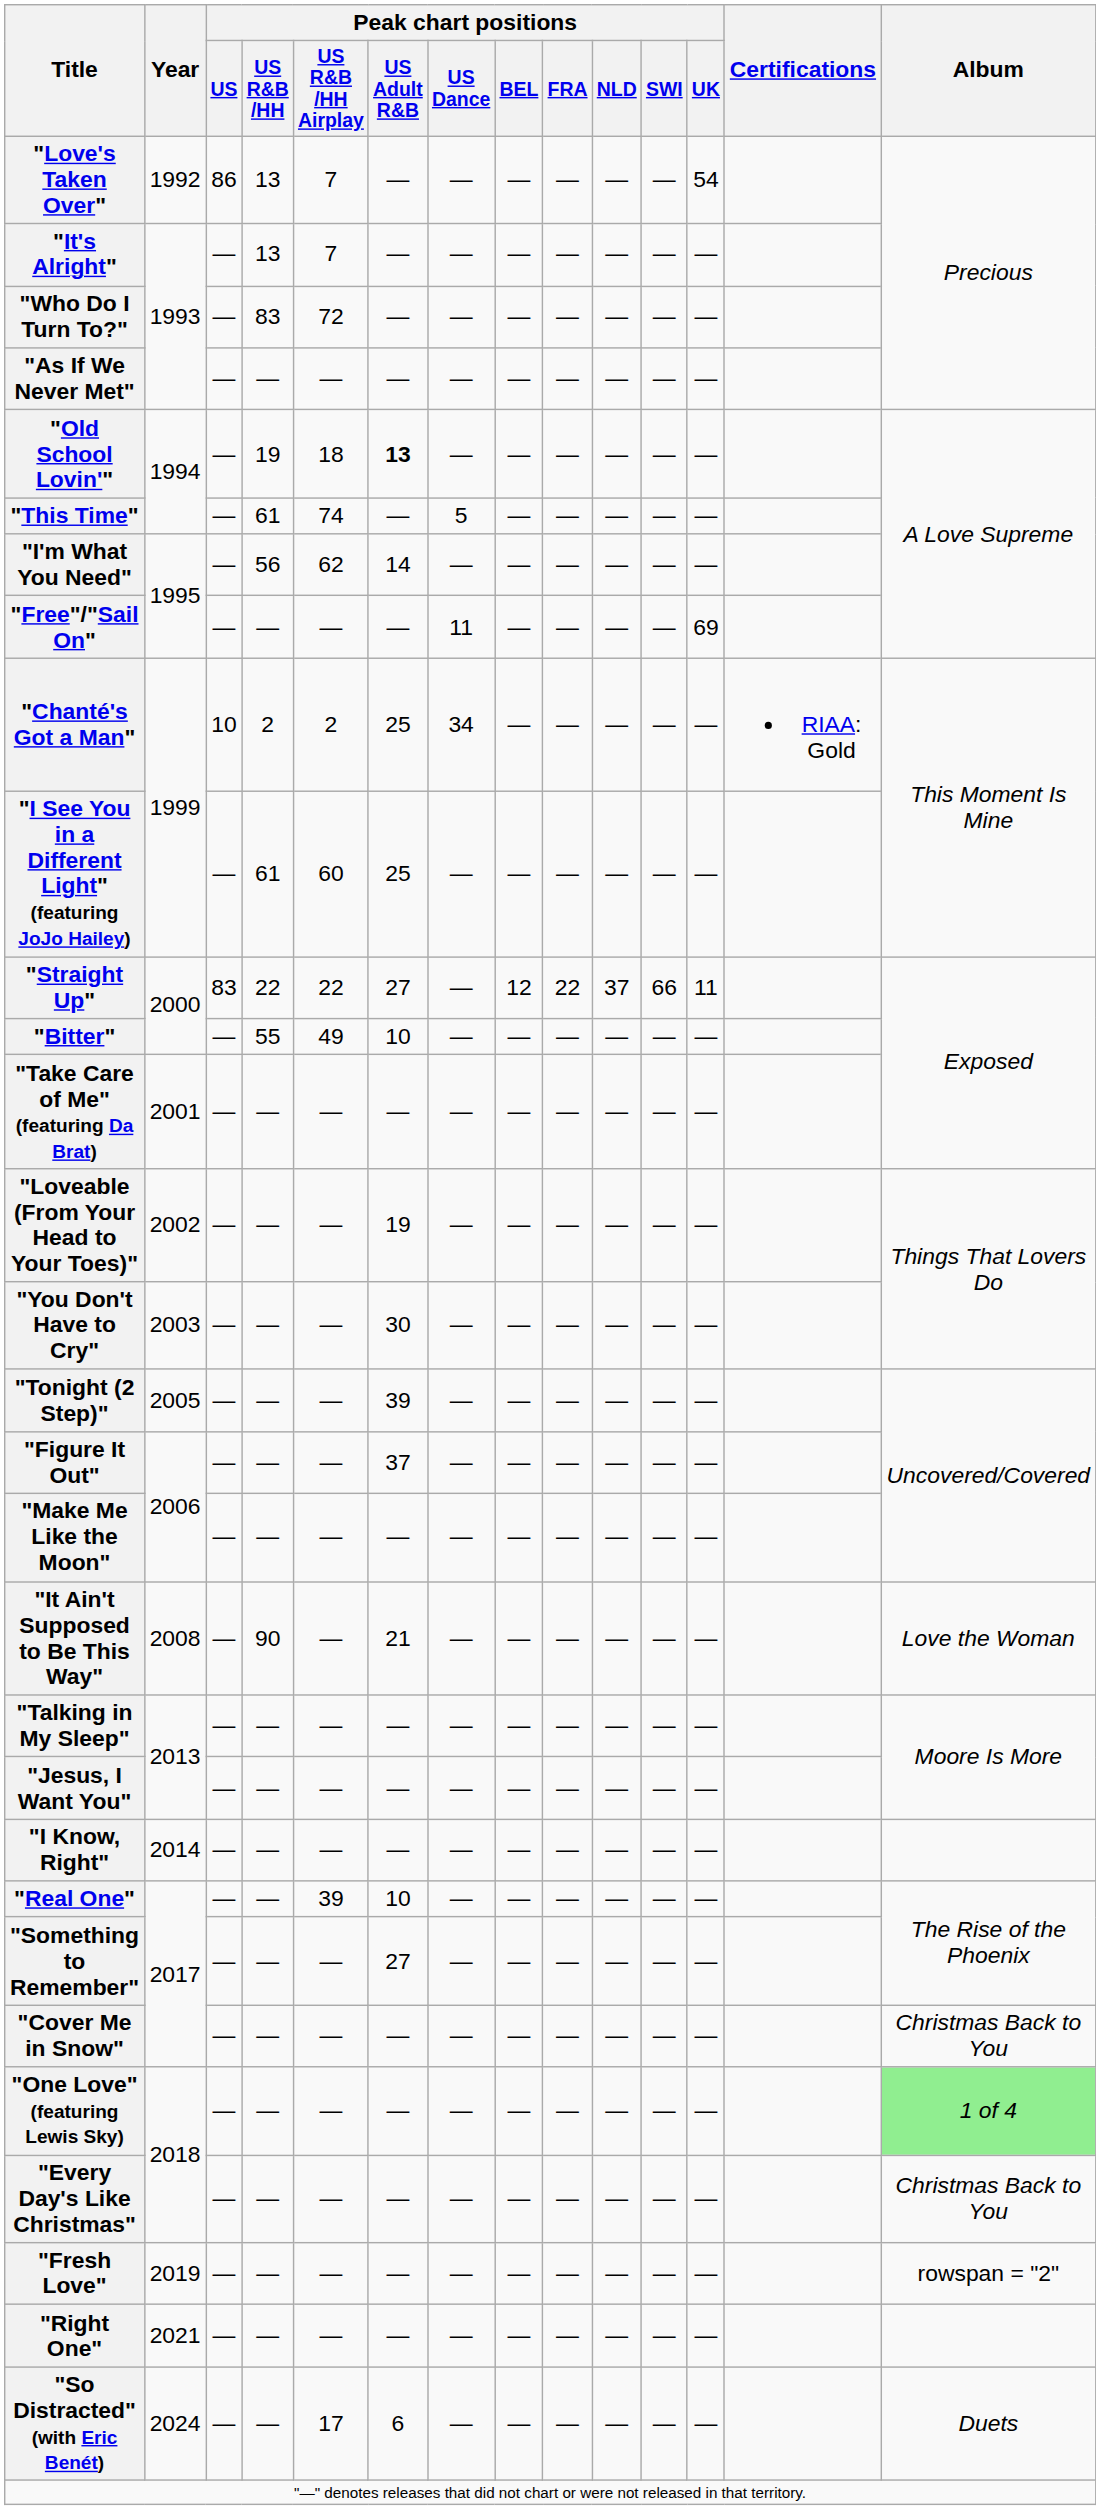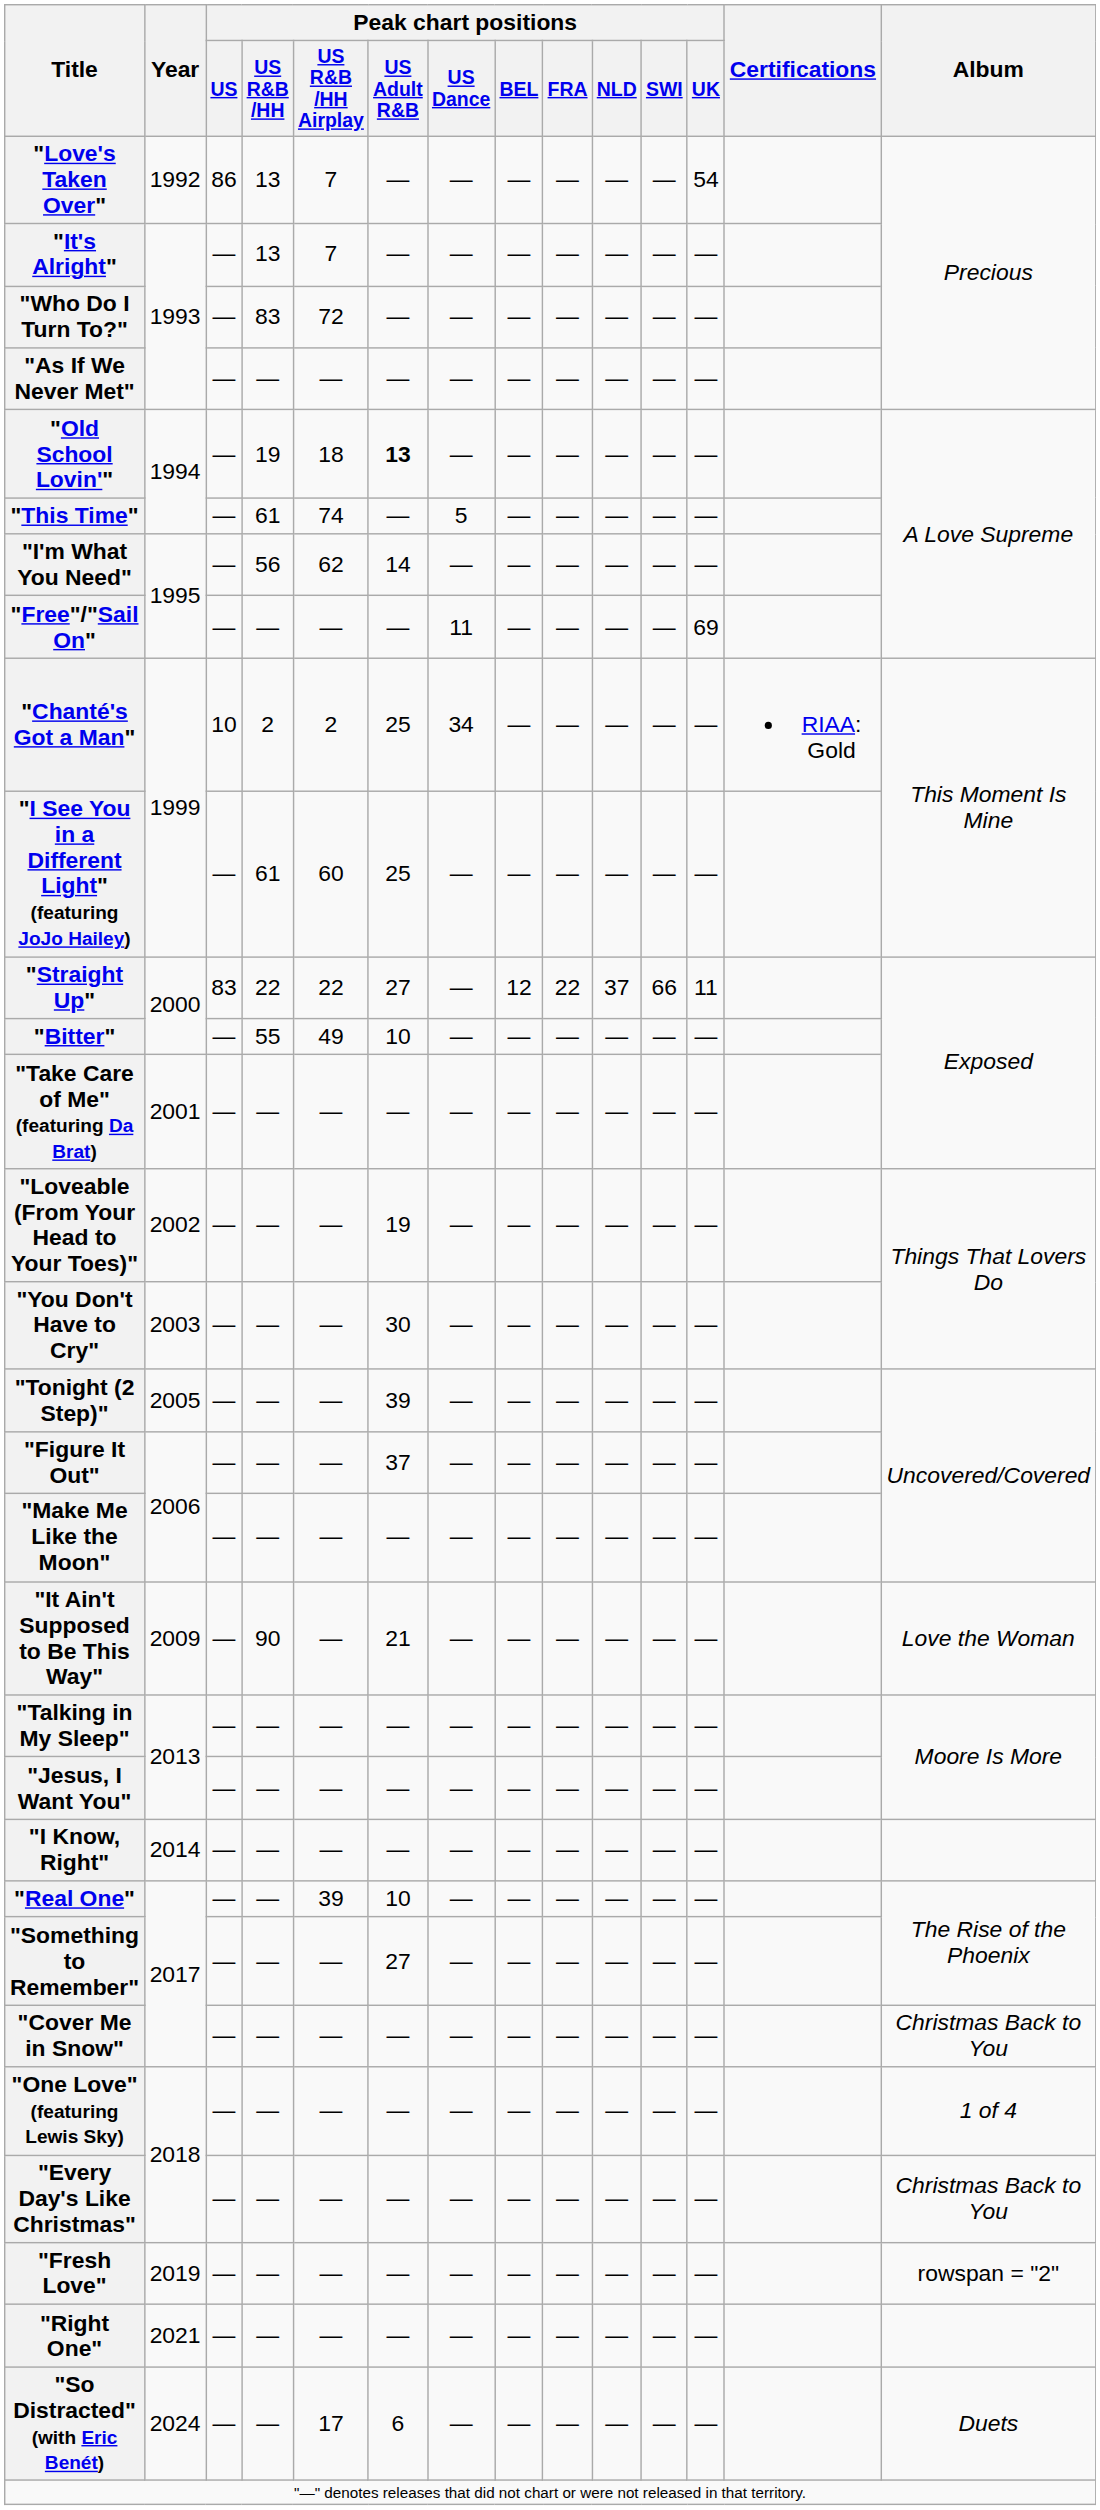 <table class="wikitable plainrowheaders" style="text-align: center;" border="1">
 <tr>
 <th scope="col" rowspan="2" style="width:14em;">Title</th>
 <th scope="col" rowspan="2" style="width:1em;">Year</th>
 <th scope="col" colspan="10">Peak chart positions</th>
 <th scope="col" rowspan="2" style="width:12em;"><a href='#'>Certifications</a></th>
 <th scope="col" rowspan="2">Album</th>
 </tr>
 <tr>
 <th scope="col" style="width:2.75em;font-size:85%;"><a href='#'>US</a><br></th>
 <th scope="col" style="width:2.75em;font-size:85%;"><a href='#'>US R&B<br>/HH</a><br></th>
 <th scope="col" style="width:2.75em;font-size:85%;"><a href='#'>US R&B<br>/HH Airplay</a><br></th>
 <th scope="col" style="width:2.75em;font-size:85%;"><a href='#'>US Adult R&B</a><br></th>
 <th scope="col" style="width:2.75em;font-size:85%;"><a href='#'>US Dance</a><br></th>
 <th scope="col" style="width:2.75em;font-size:85%;"><a href='#'>BEL</a><br></th>
 <th scope="col" style="width:2.75em;font-size:85%;"><a href='#'>FRA</a><br></th>
 <th scope="col" style="width:2.75em;font-size:85%;"><a href='#'>NLD</a><br></th>
 <th scope="col" style="width:2.75em;font-size:85%;"><a href='#'>SWI</a><br></th>
 <th scope="col" style="width:2.75em;font-size:85%;"><a href='#'>UK</a><br></th>
 </tr>
 <tr>
 <th scope="row">"<a href='#'>Love's Taken Over</a>"</th>
 <td>1992</td>
 <td>86</td>
 <td>13</td>
 <td>7</td>
 <td>—</td>
 <td>—</td>
 <td>—</td>
 <td>—</td>
 <td>—</td>
 <td>—</td>
 <td>54</td>
 <td></td>
 <td rowspan="4"><em>Precious</em></td>
 </tr>
 <tr>
 <th scope="row">"<a href='#'>It's Alright</a>"</th>
 <td rowspan="3">1993</td>
 <td>—</td>
 <td>13</td>
 <td>7</td>
 <td>—</td>
 <td>—</td>
 <td>—</td>
 <td>—</td>
 <td>—</td>
 <td>—</td>
 <td>—</td>
 <td></td>
 </tr>
 <tr>
 <th scope="row">"Who Do I Turn To?"</th>
 <td>—</td>
 <td>83</td>
 <td>72</td>
 <td>—</td>
 <td>—</td>
 <td>—</td>
 <td>—</td>
 <td>—</td>
 <td>—</td>
 <td>—</td>
 <td></td>
 </tr>
 <tr>
 <th scope="row">"As If We Never Met"</th>
 <td>—</td>
 <td>—</td>
 <td>—</td>
 <td>—</td>
 <td>—</td>
 <td>—</td>
 <td>—</td>
 <td>—</td>
 <td>—</td>
 <td>—</td>
 <td></td>
 </tr>
 <tr>
 <th scope="row">"<a href='#'>Old School Lovin'</a>"</th>
 <td rowspan="2">1994</td>
 <td>—</td>
 <td>19</td>
 <td>18</td>
 <td><strong>13</strong></td>
 <td>—</td>
 <td>—</td>
 <td>—</td>
 <td>—</td>
 <td>—</td>
 <td>—</td>
 <td></td>
 <td rowspan="4"><em>A Love Supreme</em></td>
 </tr>
 <tr>
 <th scope="row">"<a href='#'>This Time</a>"</th>
 <td>—</td>
 <td>61</td>
 <td>74</td>
 <td>—</td>
 <td>5</td>
 <td>—</td>
 <td>—</td>
 <td>—</td>
 <td>—</td>
 <td>—</td>
 <td></td>
 </tr>
 <tr>
 <th scope="row">"I'm What You Need"</th>
 <td rowspan="2">1995</td>
 <td>—</td>
 <td>56</td>
 <td>62</td>
 <td>14</td>
 <td>—</td>
 <td>—</td>
 <td>—</td>
 <td>—</td>
 <td>—</td>
 <td>—</td>
 <td></td>
 </tr>
 <tr>
 <th scope="row">"<a href='#'>Free</a>"/"<a href='#'>Sail On</a>"</th>
 <td>—</td>
 <td>—</td>
 <td>—</td>
 <td>—</td>
 <td>11</td>
 <td>—</td>
 <td>—</td>
 <td>—</td>
 <td>—</td>
 <td>69</td>
 <td></td>
 </tr>
 <tr>
 <th scope="row">"<a href='#'>Chanté's Got a Man</a>"</th>
 <td rowspan="2">1999</td>
 <td>10</td>
 <td>2</td>
 <td>2</td>
 <td>25</td>
 <td>34</td>
 <td>—</td>
 <td>—</td>
 <td>—</td>
 <td>—</td>
 <td>—</td>
 <td><br><ul><li><a href='#'>RIAA</a>: Gold</li></ul></td>
 <td rowspan="2"><em>This Moment Is Mine</em></td>
 </tr>
 <tr>
 <th scope="row">"<a href='#'>I See You in a Different Light</a>"<br><small>(featuring <a href='#'>JoJo Hailey</a>)</small></th>
 <td>—</td>
 <td>61</td>
 <td>60</td>
 <td>25</td>
 <td>—</td>
 <td>—</td>
 <td>—</td>
 <td>—</td>
 <td>—</td>
 <td>—</td>
 <td></td>
 </tr>
 <tr>
 <th scope="row">"<a href='#'>Straight Up</a>"</th>
 <td rowspan="2">2000</td>
 <td>83</td>
 <td>22</td>
 <td>22</td>
 <td>27</td>
 <td>—</td>
 <td>12</td>
 <td>22</td>
 <td>37</td>
 <td>66</td>
 <td>11</td>
 <td></td>
 <td rowspan="3"><em>Exposed</em></td>
 </tr>
 <tr>
 <th scope="row">"<a href='#'>Bitter</a>"</th>
 <td>—</td>
 <td>55</td>
 <td>49</td>
 <td>10</td>
 <td>—</td>
 <td>—</td>
 <td>—</td>
 <td>—</td>
 <td>—</td>
 <td>—</td>
 <td></td>
 </tr>
 <tr>
 <th scope="row">"Take Care of Me"<br><small>(featuring <a href='#'>Da Brat</a>)</small></th>
 <td>2001</td>
 <td>—</td>
 <td>—</td>
 <td>—</td>
 <td>—</td>
 <td>—</td>
 <td>—</td>
 <td>—</td>
 <td>—</td>
 <td>—</td>
 <td>—</td>
 <td></td>
 </tr>
 <tr>
 <th scope="row">"Loveable (From Your Head to Your Toes)"</th>
 <td>2002</td>
 <td>—</td>
 <td>—</td>
 <td>—</td>
 <td>19</td>
 <td>—</td>
 <td>—</td>
 <td>—</td>
 <td>—</td>
 <td>—</td>
 <td>—</td>
 <td></td>
 <td rowspan="2"><em>Things That Lovers Do</em></td>
 </tr>
 <tr>
 <th scope="row">"You Don't Have to Cry"</th>
 <td>2003</td>
 <td>—</td>
 <td>—</td>
 <td>—</td>
 <td>30</td>
 <td>—</td>
 <td>—</td>
 <td>—</td>
 <td>—</td>
 <td>—</td>
 <td>—</td>
 <td></td>
 </tr>
 <tr>
 <th scope="row">"Tonight (2 Step)"</th>
 <td>2005</td>
 <td>—</td>
 <td>—</td>
 <td>—</td>
 <td>39</td>
 <td>—</td>
 <td>—</td>
 <td>—</td>
 <td>—</td>
 <td>—</td>
 <td>—</td>
 <td></td>
 <td rowspan="3"><em>Uncovered/Covered</em></td>
 </tr>
 <tr>
 <th scope="row">"Figure It Out"</th>
 <td rowspan="2">2006</td>
 <td>—</td>
 <td>—</td>
 <td>—</td>
 <td>37</td>
 <td>—</td>
 <td>—</td>
 <td>—</td>
 <td>—</td>
 <td>—</td>
 <td>—</td>
 <td></td>
 </tr>
 <tr>
 <th scope="row">"Make Me Like the Moon"</th>
 <td>—</td>
 <td>—</td>
 <td>—</td>
 <td>—</td>
 <td>—</td>
 <td>—</td>
 <td>—</td>
 <td>—</td>
 <td>—</td>
 <td>—</td>
 <td></td>
 </tr>
 <tr>
 <th scope="row">"It Ain't Supposed to Be This Way"</th>
-<td>2008</td>
+<td>2009</td>
 <td>—</td>
 <td>90</td>
 <td>—</td>
 <td>21</td>
 <td>—</td>
 <td>—</td>
 <td>—</td>
 <td>—</td>
 <td>—</td>
 <td>—</td>
 <td></td>
 <td><em>Love the Woman</em></td>
 </tr>
 <tr>
 <th scope="row">"Talking in My Sleep"</th>
 <td rowspan="2">2013</td>
 <td>—</td>
 <td>—</td>
 <td>—</td>
 <td>—</td>
 <td>—</td>
 <td>—</td>
 <td>—</td>
 <td>—</td>
 <td>—</td>
 <td>—</td>
 <td></td>
 <td rowspan="2"><em>Moore Is More</em></td>
 </tr>
 <tr>
 <th scope="row">"Jesus, I Want You"</th>
 <td>—</td>
 <td>—</td>
 <td>—</td>
 <td>—</td>
 <td>—</td>
 <td>—</td>
 <td>—</td>
 <td>—</td>
 <td>—</td>
 <td>—</td>
 <td></td>
 </tr>
 <tr>
 <th scope="row">"I Know, Right"</th>
 <td>2014</td>
 <td>—</td>
 <td>—</td>
 <td>—</td>
 <td>—</td>
 <td>—</td>
 <td>—</td>
 <td>—</td>
 <td>—</td>
 <td>—</td>
 <td>—</td>
 <td></td>
 <td></td>
 </tr>
 <tr>
 <th scope="row">"<a href='#'>Real One</a>"</th>
 <td rowspan="3">2017</td>
 <td>—</td>
 <td>—</td>
 <td>39</td>
 <td>10</td>
 <td>—</td>
 <td>—</td>
 <td>—</td>
 <td>—</td>
 <td>—</td>
 <td>—</td>
 <td></td>
 <td rowspan="2"><em>The Rise of the Phoenix</em></td>
 </tr>
 <tr>
 <th scope="row">"Something to Remember"</th>
 <td>—</td>
 <td>—</td>
 <td>—</td>
 <td>27</td>
 <td>—</td>
 <td>—</td>
 <td>—</td>
 <td>—</td>
 <td>—</td>
 <td>—</td>
 <td></td>
 </tr>
 <tr>
 <th scope="row">"Cover Me in Snow"</th>
 <td>—</td>
 <td>—</td>
 <td>—</td>
 <td>—</td>
 <td>—</td>
 <td>—</td>
 <td>—</td>
 <td>—</td>
 <td>—</td>
 <td>—</td>
 <td></td>
 <td><em>Christmas Back to You</em></td>
 </tr>
 <tr>
 <th scope="row">"One Love"<br><small>(featuring Lewis Sky)</small></th>
 <td rowspan="2">2018</td>
 <td>—</td>
 <td>—</td>
 <td>—</td>
 <td>—</td>
 <td>—</td>
 <td>—</td>
 <td>—</td>
 <td>—</td>
 <td>—</td>
 <td>—</td>
 <td></td>
-<td style="background: lightgreen;"><em>1 of 4</em></td>
+<td><em>1 of 4</em></td>
 </tr>
 <tr>
 <th scope="row">"Every Day's Like Christmas"</th>
 <td>—</td>
 <td>—</td>
 <td>—</td>
 <td>—</td>
 <td>—</td>
 <td>—</td>
 <td>—</td>
 <td>—</td>
 <td>—</td>
 <td>—</td>
 <td></td>
 <td><em>Christmas Back to You</em></td>
 </tr>
 <tr>
 <th scope="row">"Fresh Love"</th>
 <td>2019</td>
 <td>—</td>
 <td>—</td>
 <td>—</td>
 <td>—</td>
 <td>—</td>
 <td>—</td>
 <td>—</td>
 <td>—</td>
 <td>—</td>
 <td>—</td>
 <td></td>
 <td>rowspan = "2" </td>
 </tr>
 <tr>
 <th scope="row">"Right One"</th>
 <td>2021</td>
 <td>—</td>
 <td>—</td>
 <td>—</td>
 <td>—</td>
 <td>—</td>
 <td>—</td>
 <td>—</td>
 <td>—</td>
 <td>—</td>
 <td>—</td>
 <td></td>
 </tr>
 <tr>
 <th scope="row">"So Distracted" <br><small>(with <a href='#'>Eric Benét</a>)</small></th>
 <td>2024</td>
 <td>—</td>
 <td>—</td>
 <td>17</td>
 <td>6</td>
 <td>—</td>
 <td>—</td>
 <td>—</td>
 <td>—</td>
 <td>—</td>
 <td>—</td>
 <td></td>
 <td><em>Duets</em></td>
 </tr>
 <tr>
 <td colspan="14" style="font-size:8pt;">"—" denotes releases that did not chart or were not released in that territory.</td>
 </tr>
 </table>
